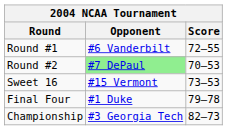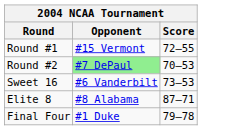 <table class="wikitable"  align="left">
 <tr>
 <th colspan="3">2004 NCAA Tournament</th>
 </tr>
 <tr>
 <th colspan="1">Round</th>
 <th colspan="1">Opponent</th>
 <th colspan="1">Score</th>
 </tr>
 <tr>
 <td>Round #1</td>
-<td><a href='#'>#6 Vanderbilt</a></td>
+<td><a href='#'>#15 Vermont</a></td>
 <td>72–55</td>
 </tr>
 <tr>
 <td>Round #2</td>
 <td style="background: lightgreen;"><a href='#'>#7 DePaul</a></td>
 <td>70–53</td>
 </tr>
 <tr>
 <td>Sweet 16</td>
-<td><a href='#'>#15 Vermont</a></td>
+<td><a href='#'>#6 Vanderbilt</a></td>
 <td>73–53</td>
+</tr>
+<tr>
+<td>Elite 8</td>
+<td><a href='#'>#8 Alabama</a></td>
+<td>87–71</td>
 </tr>
 <tr>
 <td>Final Four</td>
 <td><a href='#'>#1 Duke</a></td>
 <td>79–78</td>
 </tr>
-<tr>
-<td>Championship</td>
-<td><a href='#'>#3 Georgia Tech</a></td>
-<td>82–73</td>
-</tr>
 </table>
